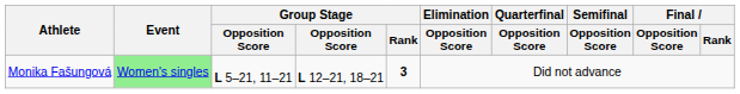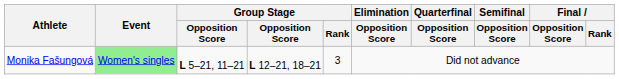 <table class="wikitable" style="font-size:90%">
 <tr>
 <th rowspan=2>Athlete</th>
 <th rowspan=2>Event</th>
 <th colspan=3>Group Stage</th>
 <th>Elimination</th>
 <th>Quarterfinal</th>
 <th>Semifinal</th>
 <th colspan=2>Final / </th>
 </tr>
 <tr style="font-size:95%">
 <th>Opposition<br>Score</th>
 <th>Opposition<br>Score</th>
 <th>Rank</th>
 <th>Opposition<br>Score</th>
 <th>Opposition<br>Score</th>
 <th>Opposition<br>Score</th>
 <th>Opposition<br>Score</th>
 <th>Rank</th>
 </tr>
 <tr align=center>
 <td align=left><a href='#'>Monika Fašungová</a></td>
 <td align=left style="background: lightgreen;"><a href='#'>Women's singles</a></td>
 <td><br><strong>L</strong> 5–21, 11–21</td>
 <td><br><strong>L</strong> 12–21, 18–21</td>
-<td><strong>3</strong></td>
+<td>3</td>
 <td colspan=5>Did not advance</td>
 </tr>
 </table>
